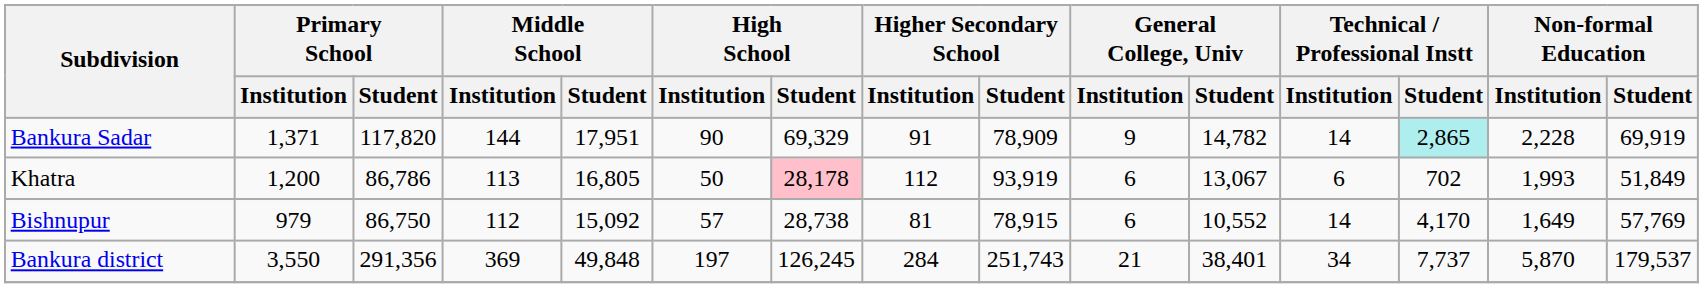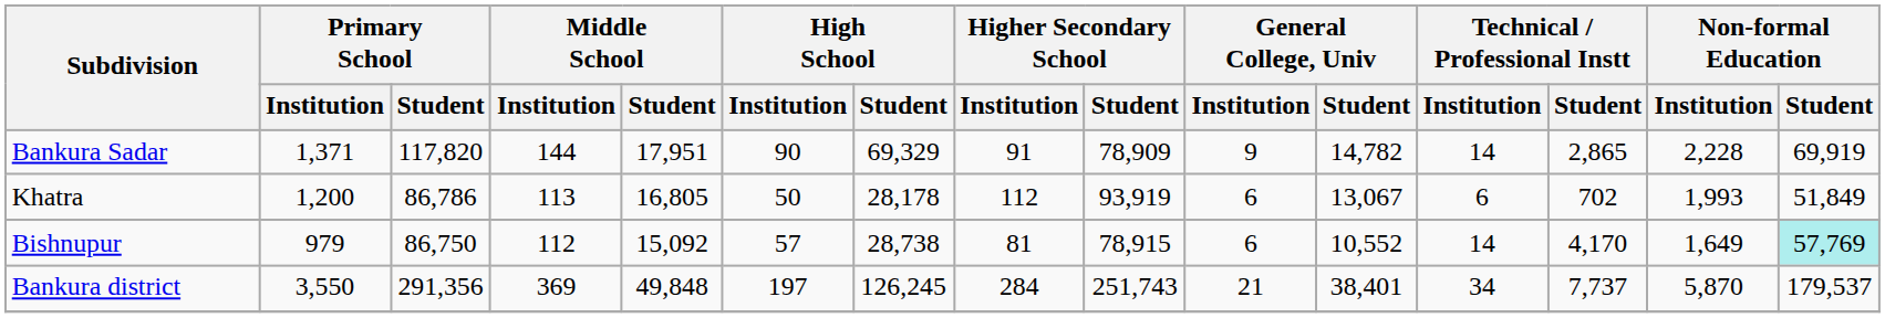 <table class="wikitable" style="text-align:center;font-size: 9pt">
 <tr>
 <th width="110" rowspan="2">Subdivision</th>
 <th colspan="2">Primary<br>School</th>
 <th colspan="2">Middle<br>School</th>
 <th colspan="2">High<br>School</th>
 <th colspan="2">Higher Secondary<br>School</th>
 <th colspan="2">General<br>College, Univ</th>
 <th colspan="2">Technical /<br>Professional Instt</th>
 <th colspan="2">Non-formal<br>Education</th>
 </tr>
 <tr>
 <th width="30">Institution</th>
 <th width="30">Student</th>
 <th width="30">Institution</th>
 <th width="30">Student</th>
 <th width="30">Institution</th>
 <th width="30">Student</th>
 <th width="30">Institution</th>
 <th width="30">Student</th>
 <th width="30">Institution</th>
 <th width="30">Student</th>
 <th width="30">Institution</th>
 <th width="30">Student</th>
 <th width="30">Institution</th>
 <th width="30">Student<br></th>
 </tr>
 <tr>
 <td align=left><a href='#'>Bankura Sadar</a></td>
 <td align="center">1,371</td>
 <td align="center">117,820</td>
 <td align="center">144</td>
 <td align="center">17,951</td>
 <td align="center">90</td>
 <td align="center">69,329</td>
 <td align="center">91</td>
 <td align="center">78,909</td>
 <td align="center">9</td>
 <td align="center">14,782</td>
 <td align="center">14</td>
-<td align="center" style="background: paleturquoise;">2,865</td>
+<td align="center">2,865</td>
 <td align="center">2,228</td>
 <td align="center">69,919</td>
 </tr>
 <tr>
 <td align=left>Khatra</td>
 <td align="center">1,200</td>
 <td align="center">86,786</td>
 <td align="center">113</td>
 <td align="center">16,805</td>
 <td align="center">50</td>
-<td align="center" style="background: pink;">28,178</td>
+<td align="center">28,178</td>
 <td align="center">112</td>
 <td align="center">93,919</td>
 <td align="center">6</td>
 <td align="center">13,067</td>
 <td align="center">6</td>
 <td align="center">702</td>
 <td align="center">1,993</td>
 <td align="center">51,849</td>
 </tr>
 <tr>
 <td align=left><a href='#'>Bishnupur</a></td>
 <td align="center">979</td>
 <td align="center">86,750</td>
 <td align="center">112</td>
 <td align="center">15,092</td>
 <td align="center">57</td>
 <td align="center">28,738</td>
 <td align="center">81</td>
 <td align="center">78,915</td>
 <td align="center">6</td>
 <td align="center">10,552</td>
 <td align="center">14</td>
 <td align="center">4,170</td>
 <td align="center">1,649</td>
-<td align="center">57,769</td>
+<td align="center" style="background: paleturquoise;">57,769</td>
 </tr>
 <tr>
 <td align=left><a href='#'>Bankura district</a></td>
 <td align="center">3,550</td>
 <td align="center">291,356</td>
 <td align="center">369</td>
 <td align="center">49,848</td>
 <td align="center">197</td>
 <td align="center">126,245</td>
 <td align="center">284</td>
 <td align="center">251,743</td>
 <td align="center">21</td>
 <td align="center">38,401</td>
 <td align="center">34</td>
 <td align="center">7,737</td>
 <td align="center">5,870</td>
 <td align="center">179,537</td>
 </tr>
 <tr>
 </tr>
 </table>
